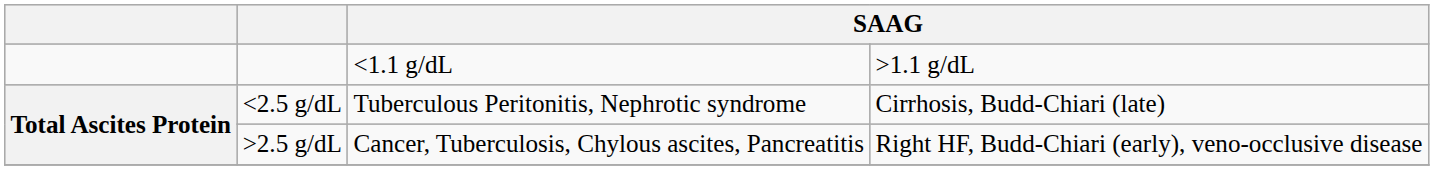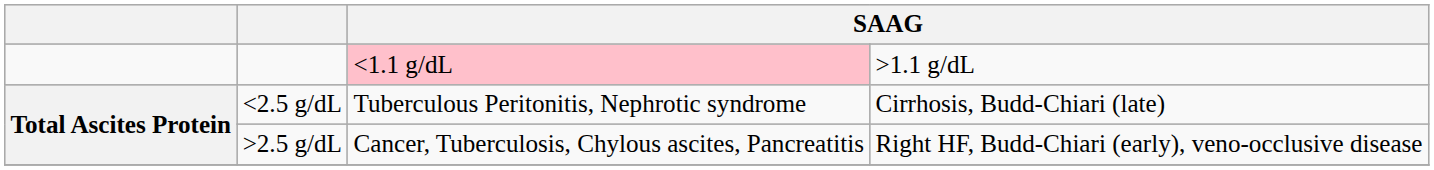 <table class="wikitable">
 <tr>
 <th scope="col"></th>
 <th scope="col"></th>
 <th scope="col"; colspan="2">SAAG</th>
 </tr>
 <tr>
 <td></td>
 <td></td>
-<td><1.1 g/dL</td>
+<td style="background: pink;"><1.1 g/dL</td>
 <td>>1.1 g/dL</td>
 </tr>
 <tr>
 <th scope="row"; rowspan="2">Total Ascites Protein</th>
 <td><2.5 g/dL</td>
 <td>Tuberculous Peritonitis, Nephrotic syndrome</td>
 <td>Cirrhosis, Budd-Chiari (late)</td>
 </tr>
 <tr>
 <td>>2.5 g/dL</td>
 <td>Cancer, Tuberculosis, Chylous ascites, Pancreatitis</td>
 <td>Right HF, Budd-Chiari (early), veno-occlusive disease</td>
 </tr>
 <tr>
 </tr>
 </table>
